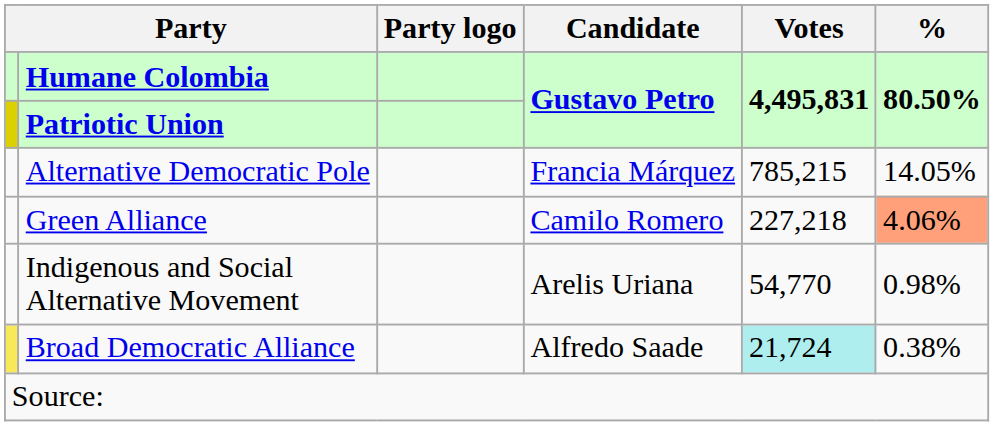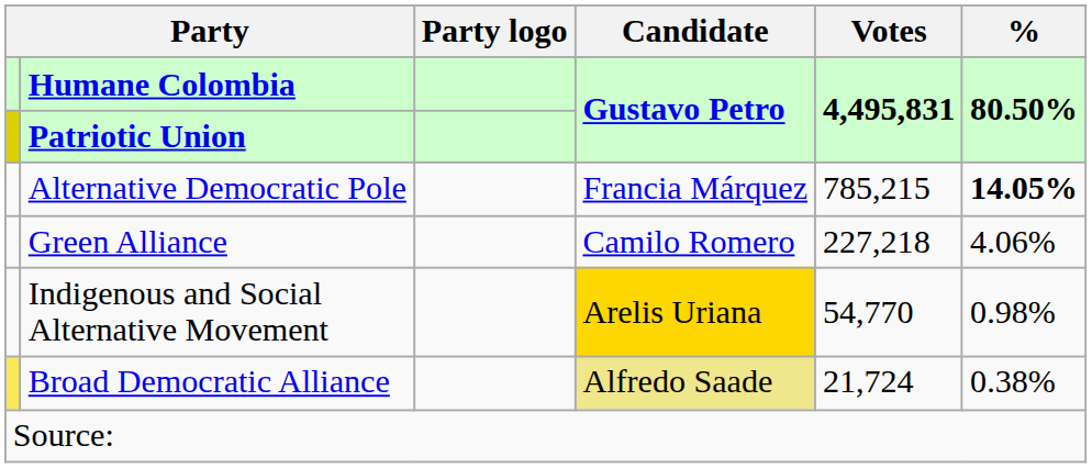 <table class="wikitable">
 <tr>
 <th colspan="2">Party</th>
 <th>Party logo</th>
 <th>Candidate</th>
 <th>Votes</th>
 <th>%</th>
 </tr>
 <tr style="background:#cfc;"|>
 <td bgcolor=></td>
 <td><strong><a href='#'>Humane Colombia</a></strong></td>
 <td></td>
 <td rowspan="2"><strong><a href='#'>Gustavo Petro</a></strong></td>
 <td rowspan="2"><strong>4,495,831</strong></td>
 <td rowspan="2"><strong>80.50%</strong></td>
 </tr>
 <tr style="background:#cfc;"|>
 <td style="background:#dbd100;"></td>
 <td><strong><a href='#'>Patriotic Union</a></strong></td>
 <td></td>
 </tr>
 <tr>
 <td bgcolor=></td>
 <td><a href='#'>Alternative Democratic Pole</a></td>
 <td></td>
 <td><a href='#'>Francia Márquez</a></td>
 <td>785,215</td>
-<td>14.05%</td>
+<td><strong>14.05%</strong></td>
 </tr>
 <tr>
 <td bgcolor=></td>
 <td><a href='#'>Green Alliance</a></td>
 <td></td>
 <td><a href='#'>Camilo Romero</a></td>
 <td>227,218</td>
-<td style="background: lightsalmon;">4.06%</td>
+<td>4.06%</td>
 </tr>
 <tr>
 <td bgcolor=></td>
 <td>Indigenous and Social<br> Alternative Movement</td>
 <td></td>
-<td>Arelis Uriana</td>
+<td style="background: gold;">Arelis Uriana</td>
 <td>54,770</td>
 <td>0.98%</td>
 </tr>
 <tr>
 <td style="background:#f9e858;"></td>
 <td><a href='#'>Broad Democratic Alliance</a></td>
 <td></td>
-<td>Alfredo Saade</td>
-<td style="background: paleturquoise;">21,724</td>
+<td style="background: khaki;">Alfredo Saade</td>
+<td>21,724</td>
 <td>0.38%</td>
 </tr>
 <tr>
 <td colspan=6>Source:</td>
 </tr>
 </table>
